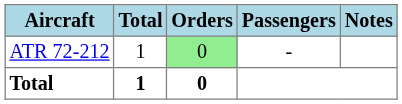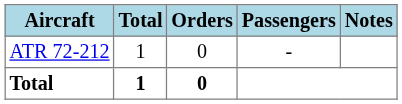 <table class="toccolours" border="1" cellpadding="3" style="border-collapse:collapse;margin:1em auto;">
 <tr bgcolor=lightblue>
 <th>Aircraft</th>
 <th>Total</th>
 <th>Orders</th>
 <th>Passengers</th>
 <th>Notes</th>
 </tr>
 <tr>
 <td><a href='#'>ATR 72-212</a></td>
 <td align="center">1</td>
-<td align="center" style="background: lightgreen;">0</td>
+<td align="center">0</td>
 <td align="center">-</td>
 <td></td>
 </tr>
 <tr>
 <td><strong>Total</strong></td>
 <th>1</th>
 <th>0</th>
 <th colspan="2"></th>
 </tr>
 </table>
